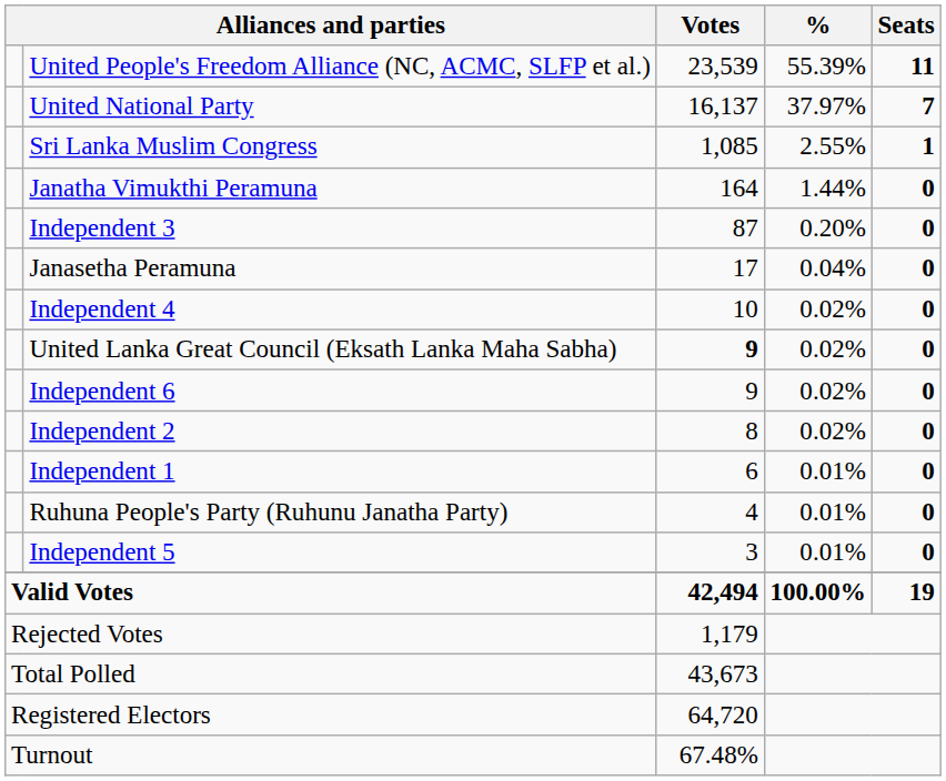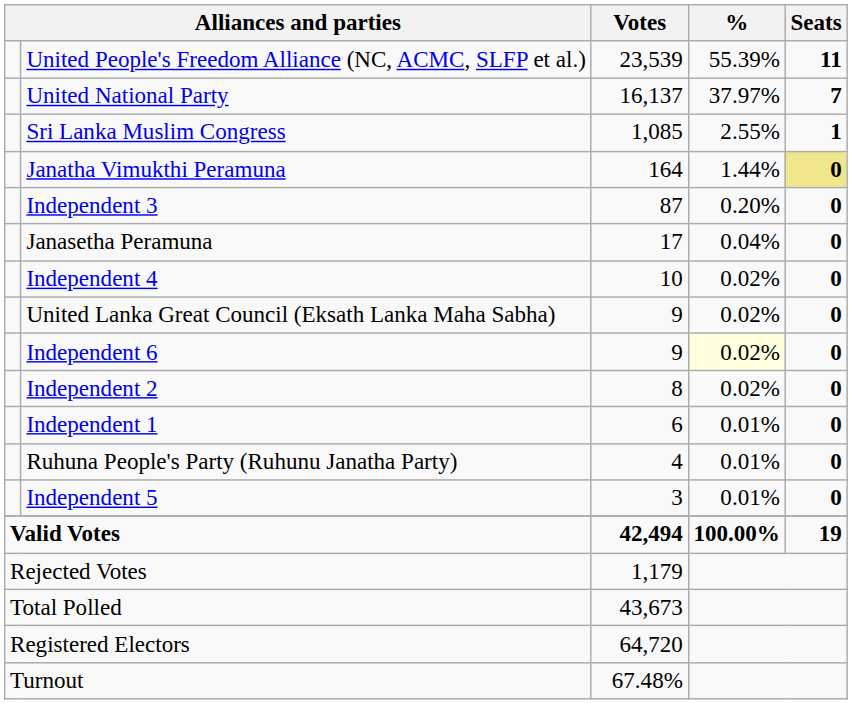 <table class="wikitable" border="1" style="text-align:right;">
 <tr>
 <th valign=bottom align=left colspan=2>Alliances and parties</th>
 <th valign=bottom align=center width="60">Votes</th>
 <th valign=bottom align=center width="50">%</th>
 <th valign=bottom align=center>Seats</th>
 </tr>
 <tr>
 <td bgcolor=> </td>
 <td align=left><a href='#'>United People's Freedom Alliance</a> (NC, <a href='#'>ACMC</a>, <a href='#'>SLFP</a> et al.)</td>
 <td>23,539</td>
 <td>55.39%</td>
 <td><strong>11</strong></td>
 </tr>
 <tr>
 <td bgcolor=> </td>
 <td align=left><a href='#'>United National Party</a></td>
 <td>16,137</td>
 <td>37.97%</td>
 <td><strong>7</strong></td>
 </tr>
 <tr>
 <td bgcolor=> </td>
 <td align=left><a href='#'>Sri Lanka Muslim Congress</a></td>
 <td>1,085</td>
 <td>2.55%</td>
 <td><strong>1</strong></td>
 </tr>
 <tr>
 <td bgcolor=> </td>
 <td align=left><a href='#'>Janatha Vimukthi Peramuna</a></td>
 <td>164</td>
 <td>1.44%</td>
-<td><strong>0</strong></td>
+<td style="background: khaki;"><strong>0</strong></td>
 </tr>
 <tr>
 <td></td>
 <td align=left><a href='#'>Independent 3</a></td>
 <td>87</td>
 <td>0.20%</td>
 <td><strong>0</strong></td>
 </tr>
 <tr>
 <td></td>
 <td align=left>Janasetha Peramuna</td>
 <td>17</td>
 <td>0.04%</td>
 <td><strong>0</strong></td>
 </tr>
 <tr>
 <td></td>
 <td align=left><a href='#'>Independent 4</a></td>
 <td>10</td>
 <td>0.02%</td>
 <td><strong>0</strong></td>
 </tr>
 <tr>
 <td></td>
 <td align=left>United Lanka Great Council (Eksath Lanka Maha Sabha)</td>
-<td><strong>9</strong></td>
+<td>9</td>
 <td>0.02%</td>
 <td><strong>0</strong></td>
 </tr>
 <tr>
 <td></td>
 <td align=left><a href='#'>Independent 6</a></td>
 <td>9</td>
-<td>0.02%</td>
+<td style="background: lightyellow;">0.02%</td>
 <td><strong>0</strong></td>
 </tr>
 <tr>
 <td></td>
 <td align=left><a href='#'>Independent 2</a></td>
 <td>8</td>
 <td>0.02%</td>
 <td><strong>0</strong></td>
 </tr>
 <tr>
 <td></td>
 <td align=left><a href='#'>Independent 1</a></td>
 <td>6</td>
 <td>0.01%</td>
 <td><strong>0</strong></td>
 </tr>
 <tr>
 <td></td>
 <td align=left>Ruhuna People's Party (Ruhunu Janatha Party)</td>
 <td>4</td>
 <td>0.01%</td>
 <td><strong>0</strong></td>
 </tr>
 <tr>
 <td></td>
 <td align=left><a href='#'>Independent 5</a></td>
 <td>3</td>
 <td>0.01%</td>
 <td><strong>0</strong></td>
 </tr>
 <tr>
 </tr>
 <tr>
 <td colspan=2 align=left><strong>Valid Votes</strong></td>
 <td><strong>42,494</strong></td>
 <td><strong>100.00%</strong></td>
 <td><strong>19</strong></td>
 </tr>
 <tr>
 <td colspan=2 align=left>Rejected Votes</td>
 <td>1,179</td>
 <td colspan=2></td>
 </tr>
 <tr>
 <td colspan=2 align=left>Total Polled</td>
 <td>43,673</td>
 <td colspan=2></td>
 </tr>
 <tr>
 <td colspan=2 align=left>Registered Electors</td>
 <td>64,720</td>
 <td colspan=2></td>
 </tr>
 <tr>
 <td colspan=2 align=left>Turnout</td>
 <td>67.48%</td>
 <td colspan=2></td>
 </tr>
 </table>
